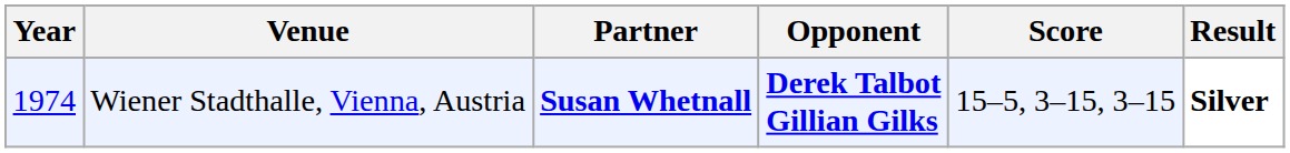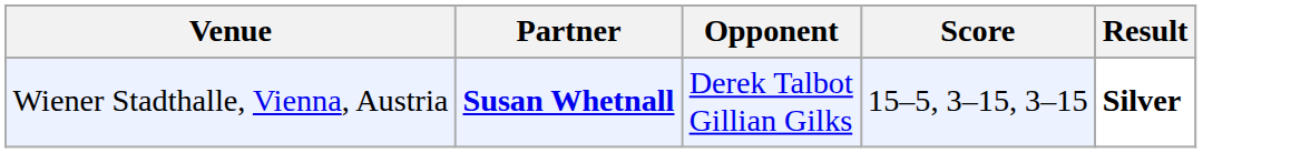 <table class="sortable wikitable" style="font-size: 90%;">
 <tr>
-<th>Year</th>
 <th>Venue</th>
 <th>Partner</th>
 <th>Opponent</th>
 <th>Score</th>
 <th>Result</th>
 </tr>
 <tr style="background:#ECF2FF">
-<td align="center"><a href='#'>1974</a></td>
 <td align="left">Wiener Stadthalle, <a href='#'>Vienna</a>, Austria</td>
 <td align="left"><strong> <a href='#'>Susan Whetnall</a></strong></td>
-<td align="left"><strong> <a href='#'>Derek Talbot</a><br> <a href='#'>Gillian Gilks</a></strong></td>
+<td align="left"> <a href='#'>Derek Talbot</a><br> <a href='#'>Gillian Gilks</a></td>
 <td align="left">15–5, 3–15, 3–15</td>
 <td style="text-align:left; background:white"> <strong>Silver</strong></td>
 </tr>
 </table>
